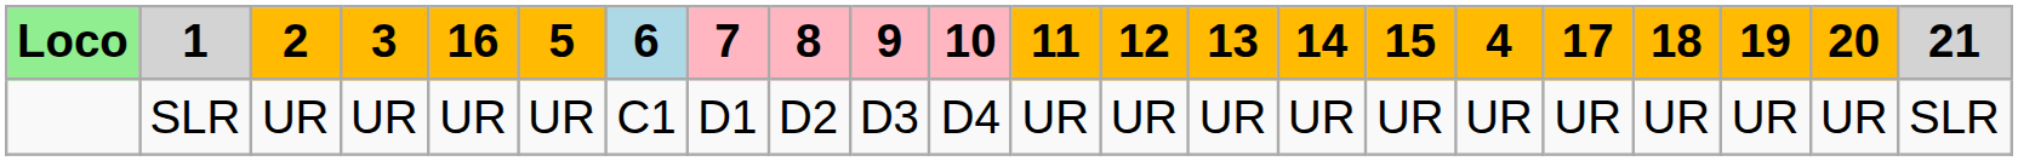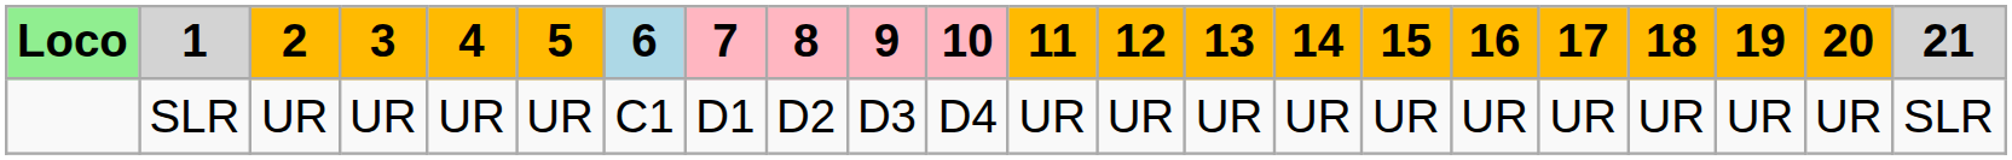 <table class="wikitable plainrowheaders unsortable" style="text-align:center">
 <tr>
 <th style="background:lightgreen;">Loco</th>
 <th style="background:lightgrey;">1</th>
 <th style="background:#FFBA01;">2</th>
 <th style="background:#FFBA01;">3</th>
-<th style="background:#FFBA01;">16</th>
+<th style="background:#FFBA01;">4</th>
 <th style="background:#FFBA01;">5</th>
 <th style="background:lightblue;">6</th>
 <th style="background:lightpink;">7</th>
 <th style="background:lightpink;">8</th>
 <th style="background:lightpink;">9</th>
 <th style="background:lightpink;">10</th>
 <th style="background:#FFBA01;">11</th>
 <th style="background:#FFBA01;">12</th>
 <th style="background:#FFBA01;">13</th>
 <th style="background:#FFBA01;">14</th>
 <th style="background:#FFBA01;">15</th>
-<th style="background:#FFBA01;">4</th>
+<th style="background:#FFBA01;">16</th>
 <th style="background:#FFBA01;">17</th>
 <th style="background:#FFBA01;">18</th>
 <th style="background:#FFBA01;">19</th>
 <th style="background:#FFBA01;">20</th>
 <th style="background:lightgrey;">21</th>
 </tr>
 <tr>
 <td></td>
 <td>SLR</td>
 <td>UR</td>
 <td>UR</td>
 <td>UR</td>
 <td>UR</td>
 <td>C1</td>
 <td>D1</td>
 <td>D2</td>
 <td>D3</td>
 <td>D4</td>
 <td>UR</td>
 <td>UR</td>
 <td>UR</td>
 <td>UR</td>
 <td>UR</td>
 <td>UR</td>
 <td>UR</td>
 <td>UR</td>
 <td>UR</td>
 <td>UR</td>
 <td>SLR</td>
 </tr>
 </table>
